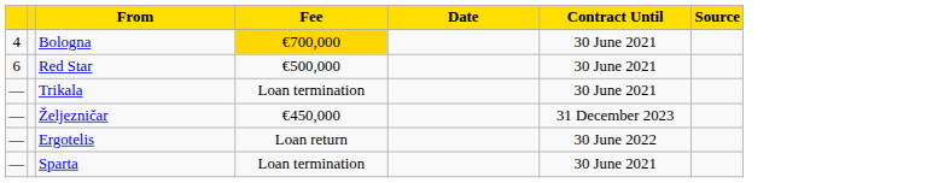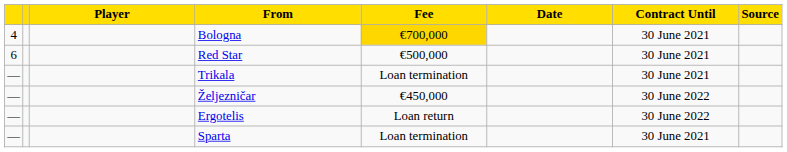 <table class="wikitable sortable">
 <tr>
 <th style="background:#FFDE00"></th>
 <th style="background:#FFDE00"></th>
+<th width=200 style="background:#FFDE00">Player</th>
 <th width=200 style="background:#FFDE00">From</th>
 <th width=150 style="background:#FFDE00">Fee</th>
 <th width=150 style="background:#FFDE00">Date</th>
 <th width=150 style="background:#FFDE00">Contract Until</th>
 <th style="background:#FFDE00">Source</th>
 </tr>
 <tr>
 <td align=center>4</td>
 <td align=center></td>
+<td></td>
 <td> <a href='#'>Bologna</a></td>
 <td align=center style="background: gold;">€700,000</td>
 <td align=center></td>
 <td align=center>30 June 2021</td>
 <td align=center></td>
 </tr>
 <tr>
 <td align=center>6</td>
 <td align=center></td>
+<td></td>
 <td> <a href='#'>Red Star</a></td>
 <td align=center>€500,000</td>
 <td align=center></td>
 <td align=center>30 June 2021</td>
 <td align=center></td>
 </tr>
 <tr>
 <td align=center>—</td>
 <td align=center></td>
+<td></td>
 <td> <a href='#'>Trikala</a></td>
 <td align=center>Loan termination</td>
 <td align=center></td>
 <td align=center>30 June 2021</td>
 <td align=center></td>
 </tr>
 <tr>
 <td align=center>—</td>
 <td align=center></td>
+<td></td>
 <td> <a href='#'>Željezničar</a></td>
 <td align=center>€450,000</td>
 <td align=center></td>
-<td align=center>31 December 2023</td>
+<td align=center>30 June 2022</td>
 <td align=center></td>
 </tr>
 <tr>
 <td align=center>—</td>
 <td align=center></td>
+<td></td>
 <td> <a href='#'>Ergotelis</a></td>
 <td align=center>Loan return</td>
 <td align=center></td>
 <td align=center>30 June 2022</td>
 <td align=center></td>
 </tr>
 <tr>
 <td align=center>—</td>
 <td align=center></td>
+<td></td>
 <td> <a href='#'>Sparta</a></td>
 <td align=center>Loan termination</td>
 <td align=center></td>
 <td align=center>30 June 2021</td>
 <td align=center></td>
 </tr>
 </table>
